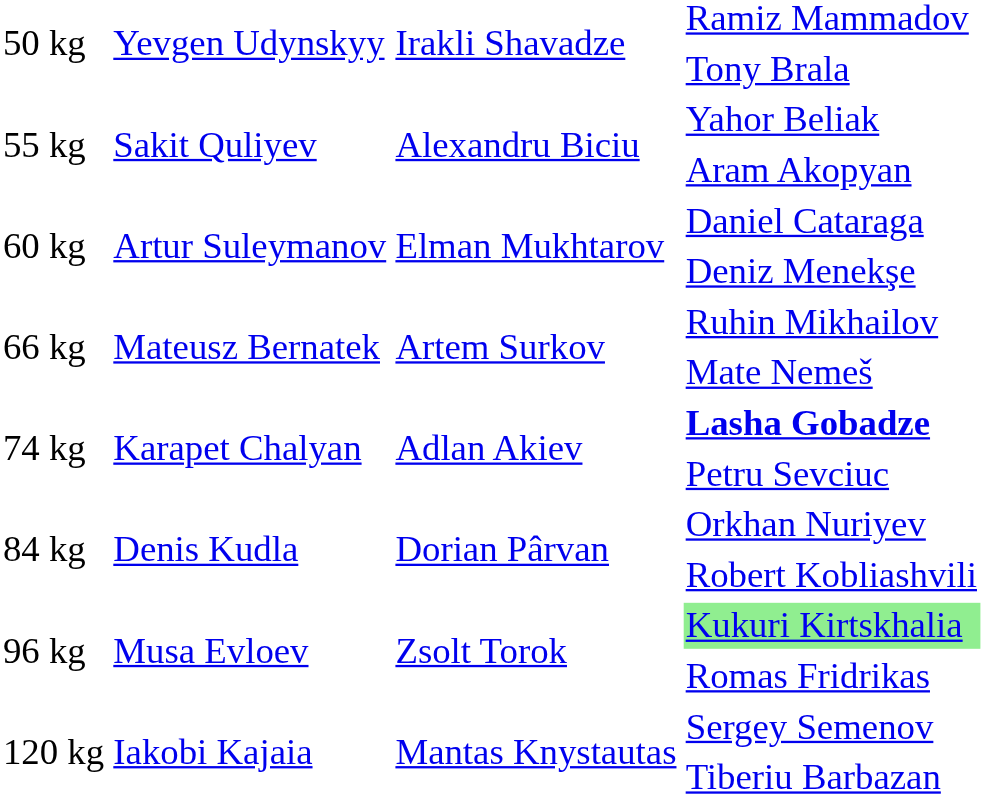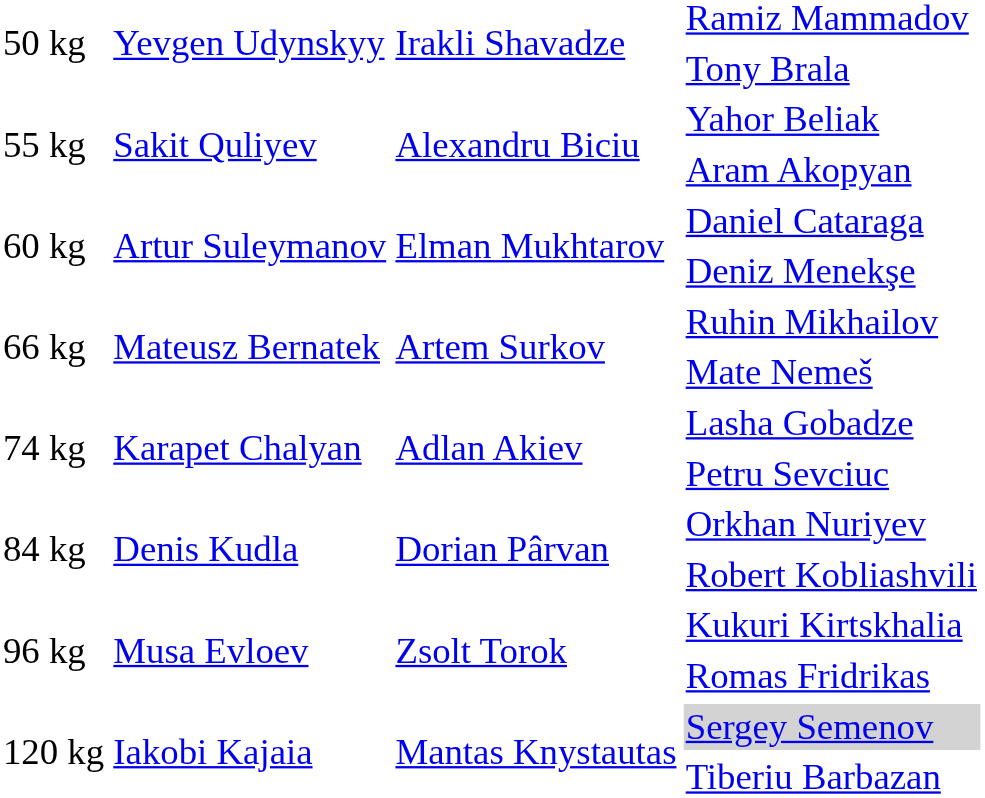 <table>
 <tr>
 <td rowspan=2>50 kg</td>
 <td rowspan=2> <a href='#'>Yevgen Udynskyy</a></td>
 <td rowspan=2> <a href='#'>Irakli Shavadze</a></td>
 <td> <a href='#'>Ramiz Mammadov</a></td>
 </tr>
 <tr>
 <td> <a href='#'>Tony Brala</a></td>
 </tr>
 <tr>
 <td rowspan=2>55 kg</td>
 <td rowspan=2> <a href='#'>Sakit Quliyev</a></td>
 <td rowspan=2> <a href='#'>Alexandru Biciu</a></td>
 <td> <a href='#'>Yahor Beliak</a></td>
 </tr>
 <tr>
 <td> <a href='#'>Aram Akopyan</a></td>
 </tr>
 <tr>
 <td rowspan=2>60 kg</td>
 <td rowspan=2> <a href='#'>Artur Suleymanov</a></td>
 <td rowspan=2> <a href='#'>Elman Mukhtarov</a></td>
 <td> <a href='#'>Daniel Cataraga</a></td>
 </tr>
 <tr>
 <td> <a href='#'>Deniz Menekşe</a></td>
 </tr>
 <tr>
 <td rowspan=2>66 kg</td>
 <td rowspan=2> <a href='#'>Mateusz Bernatek</a></td>
 <td rowspan=2> <a href='#'>Artem Surkov</a></td>
 <td> <a href='#'>Ruhin Mikhailov</a></td>
 </tr>
 <tr>
 <td> <a href='#'>Mate Nemeš</a></td>
 </tr>
 <tr>
 <td rowspan=2>74 kg</td>
 <td rowspan=2> <a href='#'>Karapet Chalyan</a></td>
 <td rowspan=2> <a href='#'>Adlan Akiev</a></td>
-<td><strong> <a href='#'>Lasha Gobadze</a></strong></td>
+<td> <a href='#'>Lasha Gobadze</a></td>
 </tr>
 <tr>
 <td> <a href='#'>Petru Sevciuc</a></td>
 </tr>
 <tr>
 <td rowspan=2>84 kg</td>
 <td rowspan=2> <a href='#'>Denis Kudla</a></td>
 <td rowspan=2> <a href='#'>Dorian Pârvan</a></td>
 <td> <a href='#'>Orkhan Nuriyev</a></td>
 </tr>
 <tr>
 <td> <a href='#'>Robert Kobliashvili</a></td>
 </tr>
 <tr>
 <td rowspan=2>96 kg</td>
 <td rowspan=2> <a href='#'>Musa Evloev</a></td>
 <td rowspan=2> <a href='#'>Zsolt Torok</a></td>
-<td style="background: lightgreen;"> <a href='#'>Kukuri Kirtskhalia</a></td>
+<td> <a href='#'>Kukuri Kirtskhalia</a></td>
 </tr>
 <tr>
 <td> <a href='#'>Romas Fridrikas</a></td>
 </tr>
 <tr>
 <td rowspan=2>120 kg</td>
 <td rowspan=2> <a href='#'>Iakobi Kajaia</a></td>
 <td rowspan=2> <a href='#'>Mantas Knystautas</a></td>
-<td> <a href='#'>Sergey Semenov</a></td>
+<td style="background: lightgrey;"> <a href='#'>Sergey Semenov</a></td>
 </tr>
 <tr>
 <td> <a href='#'>Tiberiu Barbazan</a></td>
 </tr>
 </table>
